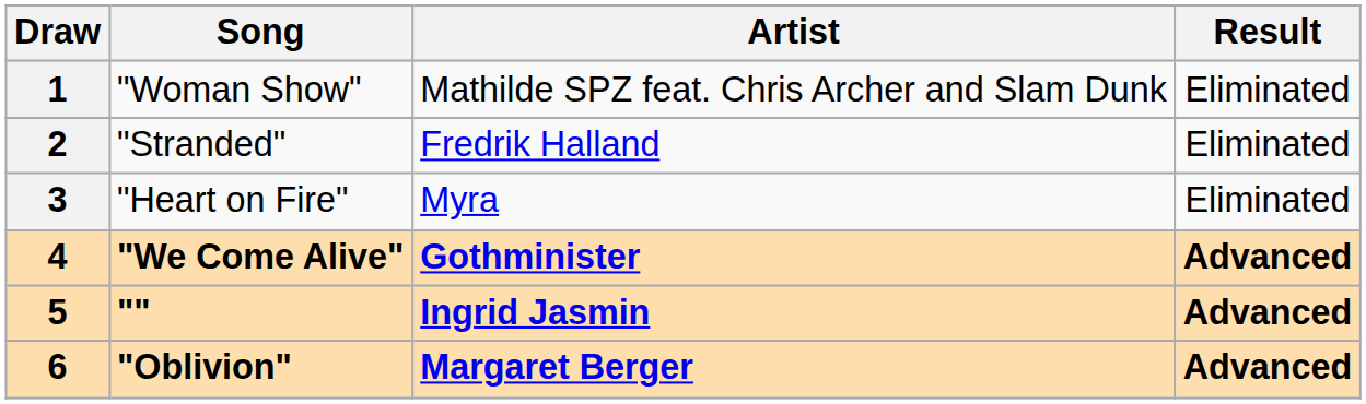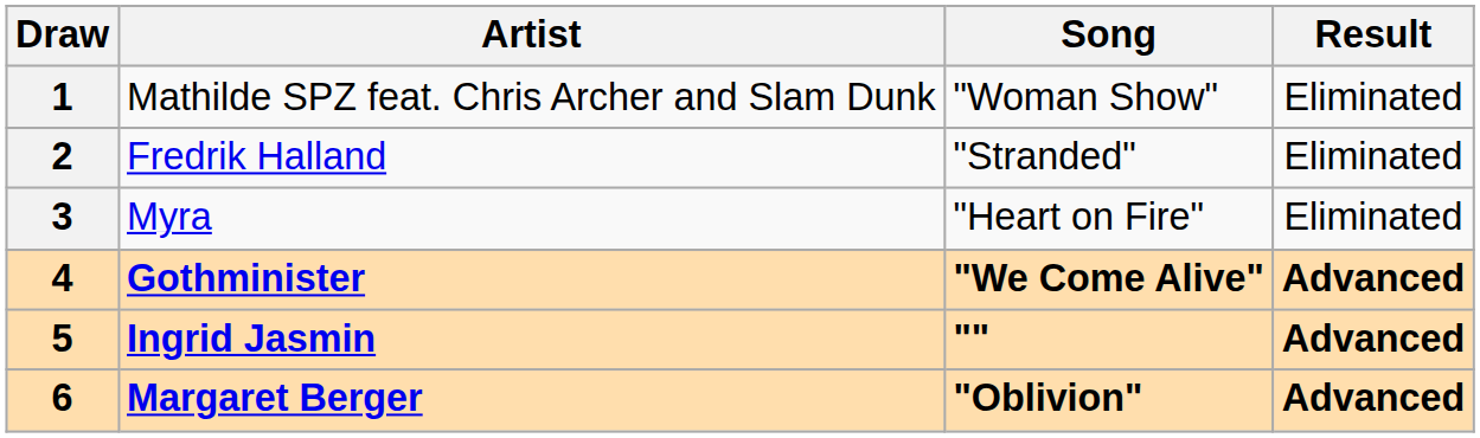 <table class="sortable wikitable plainrowheaders" style="margin: 1em auto 1em auto; text-align:center">
 <tr>
 <th scope="col">Draw</th>
+<th scope="col">Artist</th>
 <th scope="col">Song</th>
-<th scope="col">Artist</th>
 <th scope="col">Result</th>
 </tr>
 <tr>
 <th scope="row" style="text-align:center;">1</th>
+<td style="text-align:left">Mathilde SPZ feat. Chris Archer and Slam Dunk</td>
 <td style="text-align:left">"Woman Show"</td>
-<td style="text-align:left">Mathilde SPZ feat. Chris Archer and Slam Dunk</td>
 <td>Eliminated</td>
 </tr>
 <tr>
 <th scope="row" style="text-align:center;">2</th>
+<td style="text-align:left"><a href='#'>Fredrik Halland</a></td>
 <td style="text-align:left">"Stranded"</td>
-<td style="text-align:left"><a href='#'>Fredrik Halland</a></td>
 <td>Eliminated</td>
 </tr>
 <tr>
 <th scope="row" style="text-align:center;">3</th>
+<td style="text-align:left"><a href='#'>Myra</a></td>
 <td style="text-align:left">"Heart on Fire"</td>
-<td style="text-align:left"><a href='#'>Myra</a></td>
 <td>Eliminated</td>
 </tr>
 <tr style="font-weight:bold; background:navajowhite;">
 <th scope="row" style="text-align:center; font-weight:bold; background:navajowhite;">4</th>
+<td style="text-align:left"><a href='#'>Gothminister</a></td>
 <td style="text-align:left">"We Come Alive"</td>
-<td style="text-align:left"><a href='#'>Gothminister</a></td>
 <td>Advanced</td>
 </tr>
 <tr style="font-weight:bold; background:navajowhite;">
 <th scope="row" style="text-align:center; font-weight:bold; background:navajowhite;">5</th>
+<td style="text-align:left"><a href='#'>Ingrid Jasmin</a></td>
 <td style="text-align:left">""</td>
-<td style="text-align:left"><a href='#'>Ingrid Jasmin</a></td>
 <td>Advanced</td>
 </tr>
 <tr style="font-weight:bold; background:navajowhite;">
 <th scope="row" style="text-align:center; font-weight:bold; background:navajowhite;">6</th>
+<td style="text-align:left"><a href='#'>Margaret Berger</a></td>
 <td style="text-align:left">"Oblivion"</td>
-<td style="text-align:left"><a href='#'>Margaret Berger</a></td>
 <td>Advanced</td>
 </tr>
 </table>
